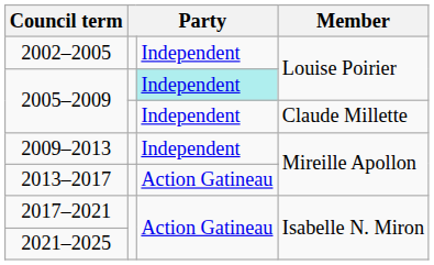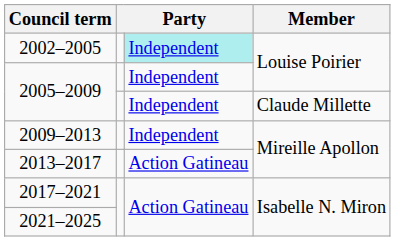 <table class="wikitable">
 <tr>
 <th>Council term</th>
 <th colspan="2">Party</th>
 <th>Member</th>
 </tr>
 <tr>
 <td align="center">2002–2005</td>
 <td style="color:inherit;background-color:"></td>
-<td><a href='#'>Independent</a></td>
+<td style="background: paleturquoise;"><a href='#'>Independent</a></td>
 <td rowspan="2">Louise Poirier</td>
 </tr>
 <tr>
 <td rowspan="2" align="center">2005–2009</td>
 <td style="color:inherit;background-color:"></td>
-<td style="background: paleturquoise;"><a href='#'>Independent</a></td>
+<td><a href='#'>Independent</a></td>
 </tr>
 <tr>
 <td style="color:inherit;background-color:"></td>
 <td><a href='#'>Independent</a></td>
 <td>Claude Millette</td>
 </tr>
 <tr>
 <td rowspan="2" align="center">2009–2013</td>
 <td style="color:inherit;background-color:"></td>
 <td><a href='#'>Independent</a></td>
 <td rowspan="3">Mireille Apollon</td>
 </tr>
 <tr>
 <td rowspan="2" style="color:inherit;background-color:"></td>
 <td rowspan="2"><a href='#'>Action Gatineau</a></td>
 </tr>
 <tr>
 <td align="center">2013–2017</td>
 </tr>
 <tr>
 <td align="center">2017–2021</td>
 <td rowspan="2" style="color:inherit;background-color:"></td>
 <td rowspan="2"><a href='#'>Action Gatineau</a></td>
 <td rowspan="2">Isabelle N. Miron</td>
 </tr>
 <tr>
 <td align="center">2021–2025</td>
 </tr>
 </table>
